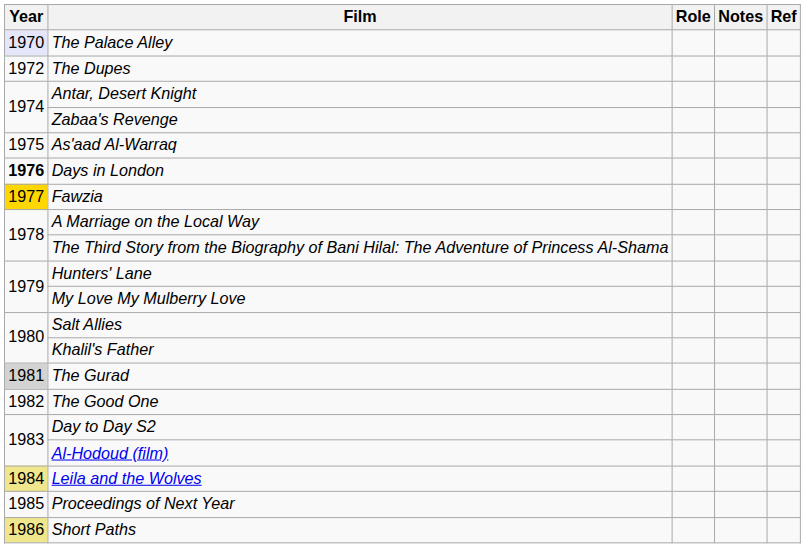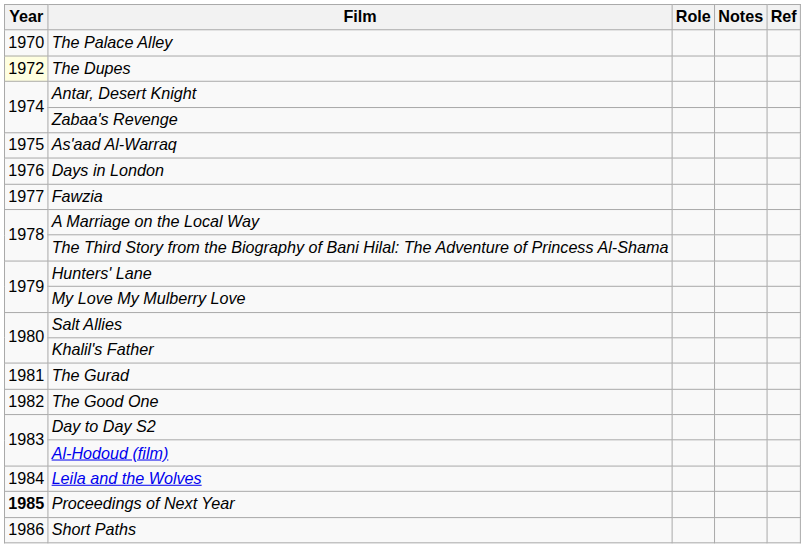 <table class="wikitable">
 <tr>
 <th>Year</th>
 <th>Film</th>
 <th>Role</th>
 <th>Notes</th>
 <th>Ref</th>
 </tr>
 <tr>
-<td style="background: lavender;">1970</td>
+<td>1970</td>
 <td><em>The Palace Alley</em></td>
 <td></td>
 <td></td>
 <td></td>
 </tr>
 <tr>
-<td>1972</td>
+<td style="background: lightyellow;">1972</td>
 <td><em>The Dupes</em></td>
 <td></td>
 <td></td>
 <td></td>
 </tr>
 <tr>
 <td rowspan="2">1974</td>
 <td><em>Antar, Desert Knight</em></td>
 <td></td>
 <td></td>
 <td></td>
 </tr>
 <tr>
 <td><em>Zabaa's Revenge</em></td>
 <td></td>
 <td></td>
 <td></td>
 </tr>
 <tr>
 <td>1975</td>
 <td><em>As'aad Al-Warraq</em></td>
 <td></td>
 <td></td>
 <td></td>
 </tr>
 <tr>
-<td><strong>1976</strong></td>
+<td>1976</td>
 <td><em>Days in London</em></td>
 <td></td>
 <td></td>
 <td></td>
 </tr>
 <tr>
-<td style="background: gold;">1977</td>
+<td>1977</td>
 <td><em>Fawzia</em></td>
 <td></td>
 <td></td>
 <td></td>
 </tr>
 <tr>
 <td rowspan="2">1978</td>
 <td><em>A Marriage on the Local Way</em></td>
 <td></td>
 <td></td>
 <td></td>
 </tr>
 <tr>
 <td><em>The Third Story from the Biography of Bani Hilal: The Adventure of Princess Al-Shama</em></td>
 <td></td>
 <td></td>
 <td></td>
 </tr>
 <tr>
 <td rowspan="2">1979</td>
 <td><em>Hunters' Lane</em></td>
 <td></td>
 <td></td>
 <td></td>
 </tr>
 <tr>
 <td><em>My Love My Mulberry Love</em></td>
 <td></td>
 <td></td>
 <td></td>
 </tr>
 <tr>
 <td rowspan="2">1980</td>
 <td><em>Salt Allies</em></td>
 <td></td>
 <td></td>
 <td></td>
 </tr>
 <tr>
 <td><em>Khalil's Father</em></td>
 <td></td>
 <td></td>
 <td></td>
 </tr>
 <tr>
-<td style="background: lightgrey;">1981</td>
+<td>1981</td>
 <td><em>The Gurad</em></td>
 <td></td>
 <td></td>
 <td></td>
 </tr>
 <tr>
 <td>1982</td>
 <td><em>The Good One</em></td>
 <td></td>
 <td></td>
 <td></td>
 </tr>
 <tr>
 <td rowspan="2">1983</td>
 <td><em>Day to Day S2</em></td>
 <td></td>
 <td></td>
 <td></td>
 </tr>
 <tr>
 <td><em><a href='#'>Al-Hodoud (film)</a></em></td>
 <td></td>
 <td></td>
 <td></td>
 </tr>
 <tr>
-<td style="background: khaki;">1984</td>
+<td>1984</td>
 <td><em><a href='#'>Leila and the Wolves</a></em></td>
 <td></td>
 <td></td>
 <td></td>
 </tr>
 <tr>
-<td>1985</td>
+<td><strong>1985</strong></td>
 <td><em>Proceedings of Next Year</em></td>
 <td></td>
 <td></td>
 <td></td>
 </tr>
 <tr>
-<td style="background: khaki;">1986</td>
+<td>1986</td>
 <td><em>Short Paths</em></td>
 <td></td>
 <td></td>
 <td></td>
 </tr>
 </table>
